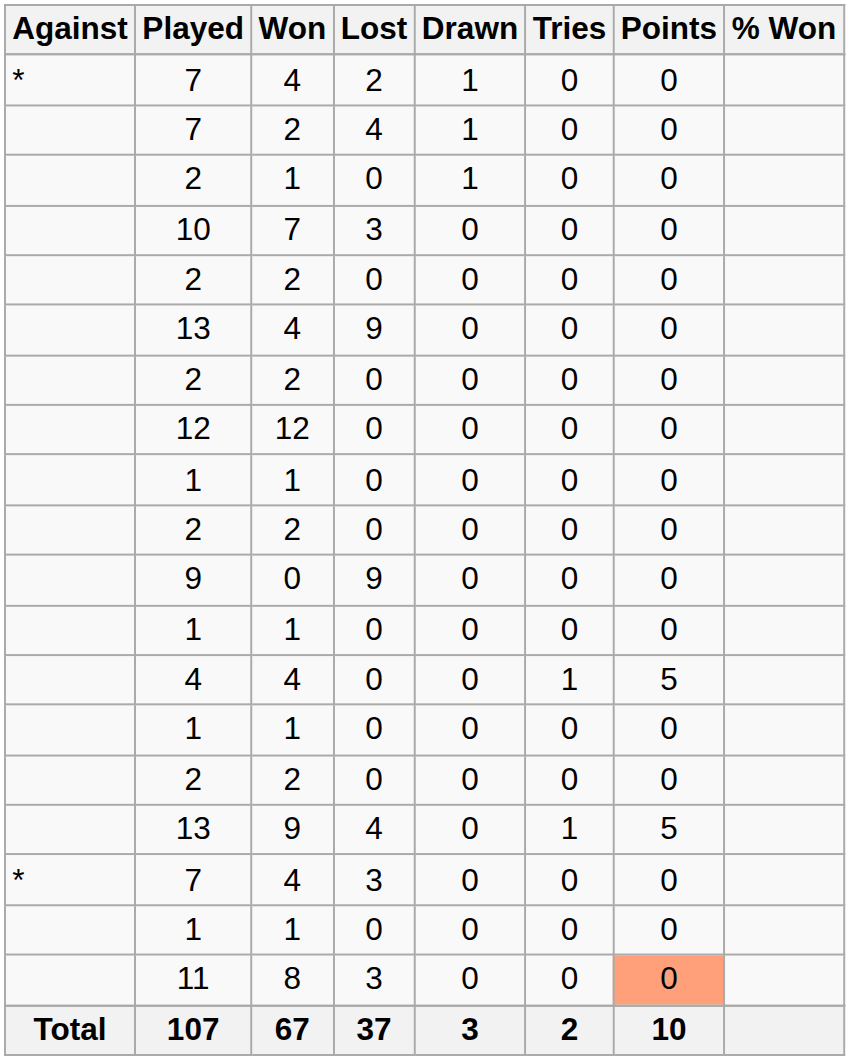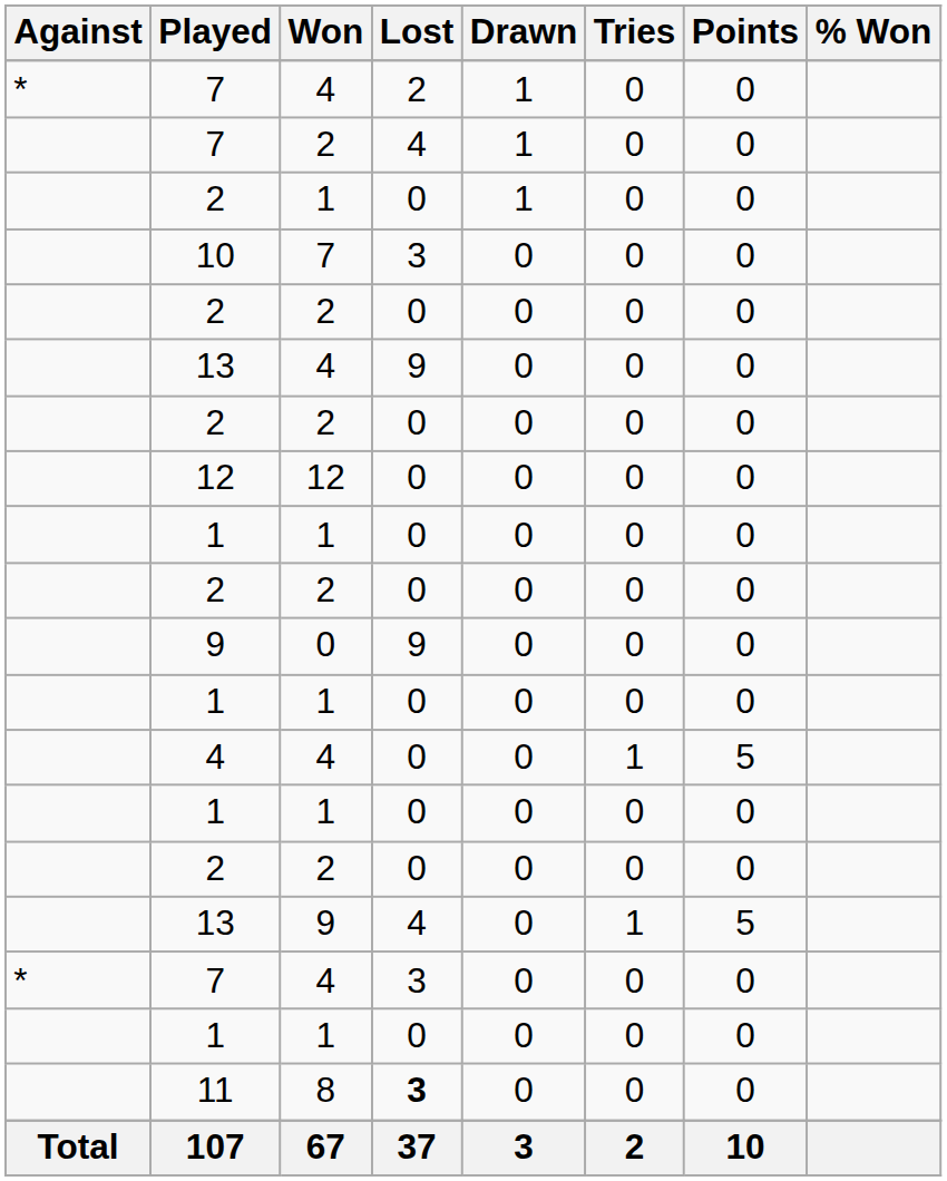 <table class="sortable wikitable" style="text-align: center;">
 <tr>
 </tr>
 <tr>
 <th>Against</th>
 <th>Played</th>
 <th>Won</th>
 <th>Lost</th>
 <th>Drawn</th>
 <th>Tries</th>
 <th>Points</th>
 <th>% Won</th>
 </tr>
 <tr bgcolor="#d0ffd0" align="center">
 </tr>
 <tr>
 <td align="left">*</td>
 <td>7</td>
 <td>4</td>
 <td>2</td>
 <td>1</td>
 <td>0</td>
 <td>0</td>
 <td></td>
 </tr>
 <tr>
 <td align="left"></td>
 <td>7</td>
 <td>2</td>
 <td>4</td>
 <td>1</td>
 <td>0</td>
 <td>0</td>
 <td></td>
 </tr>
 <tr>
 <td align="left"></td>
 <td>2</td>
 <td>1</td>
 <td>0</td>
 <td>1</td>
 <td>0</td>
 <td>0</td>
 <td></td>
 </tr>
 <tr *>
 <td align="left"></td>
 <td>10</td>
 <td>7</td>
 <td>3</td>
 <td>0</td>
 <td>0</td>
 <td>0</td>
 <td></td>
 </tr>
 <tr>
 <td align="left"></td>
 <td>2</td>
 <td>2</td>
 <td>0</td>
 <td>0</td>
 <td>0</td>
 <td>0</td>
 <td></td>
 </tr>
 <tr>
 <td align="left"></td>
 <td>13</td>
 <td>4</td>
 <td>9</td>
 <td>0</td>
 <td>0</td>
 <td>0</td>
 <td></td>
 </tr>
 <tr>
 <td align="left"></td>
 <td>2</td>
 <td>2</td>
 <td>0</td>
 <td>0</td>
 <td>0</td>
 <td>0</td>
 <td></td>
 </tr>
 <tr>
 <td align="left"></td>
 <td>12</td>
 <td>12</td>
 <td>0</td>
 <td>0</td>
 <td>0</td>
 <td>0</td>
 <td></td>
 </tr>
 <tr>
 <td align="left"></td>
 <td>1</td>
 <td>1</td>
 <td>0</td>
 <td>0</td>
 <td>0</td>
 <td>0</td>
 <td></td>
 </tr>
 <tr>
 <td align="left"></td>
 <td>2</td>
 <td>2</td>
 <td>0</td>
 <td>0</td>
 <td>0</td>
 <td>0</td>
 <td></td>
 </tr>
 <tr>
 <td align="left"></td>
 <td>9</td>
 <td>0</td>
 <td>9</td>
 <td>0</td>
 <td>0</td>
 <td>0</td>
 <td></td>
 </tr>
 <tr>
 <td align="left"></td>
 <td>1</td>
 <td>1</td>
 <td>0</td>
 <td>0</td>
 <td>0</td>
 <td>0</td>
 <td></td>
 </tr>
 <tr>
 <td align="left"></td>
 <td>4</td>
 <td>4</td>
 <td>0</td>
 <td>0</td>
 <td>1</td>
 <td>5</td>
 <td></td>
 </tr>
 <tr>
 <td align="left"></td>
 <td>1</td>
 <td>1</td>
 <td>0</td>
 <td>0</td>
 <td>0</td>
 <td>0</td>
 <td></td>
 </tr>
 <tr>
 <td align="left"></td>
 <td>2</td>
 <td>2</td>
 <td>0</td>
 <td>0</td>
 <td>0</td>
 <td>0</td>
 <td></td>
 </tr>
 <tr>
 <td align="left"></td>
 <td>13</td>
 <td>9</td>
 <td>4</td>
 <td>0</td>
 <td>1</td>
 <td>5</td>
 <td></td>
 </tr>
 <tr>
 <td align="left">*</td>
 <td>7</td>
 <td>4</td>
 <td>3</td>
 <td>0</td>
 <td>0</td>
 <td>0</td>
 <td></td>
 </tr>
 <tr>
 <td align="left"></td>
 <td>1</td>
 <td>1</td>
 <td>0</td>
 <td>0</td>
 <td>0</td>
 <td>0</td>
 <td></td>
 </tr>
 <tr>
 <td align="left"></td>
 <td>11</td>
 <td>8</td>
-<td>3</td>
+<td><strong>3</strong></td>
 <td>0</td>
 <td>0</td>
-<td style="background: lightsalmon;">0</td>
+<td>0</td>
 <td></td>
 </tr>
 <tr>
 </tr>
 <tr class="sortbottom">
 <th>Total</th>
 <th>107</th>
 <th>67</th>
 <th>37</th>
 <th>3</th>
 <th>2</th>
 <th>10</th>
 <th></th>
 </tr>
 </table>
